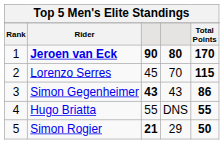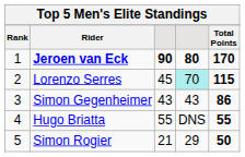 <table class="wikitable sortable">
 <tr>
 <th colspan=27 align="center"><strong>Top 5 Men's Elite Standings</strong></th>
 </tr>
 <tr>
 </tr>
 <tr style="font-size:8pt;font-weight:bold">
 <th align="center">Rank</th>
 <th align="center">Rider</th>
 <th class=unsortable style="background:#E5E4E2;"><small></small></th>
 <th class=unsortable style="background:#E5E4E2;"><small></small></th>
 <th align="center">Total<br>Points</th>
 </tr>
 <tr>
 <td align=center>1</td>
 <td> <strong><a href='#'>Jeroen van Eck</a></strong></td>
 <td align=center><strong>90</strong></td>
 <td align=center><strong>80</strong></td>
 <td align=center><strong>170</strong></td>
 </tr>
 <tr>
 <td align=center>2</td>
 <td> <a href='#'>Lorenzo Serres</a></td>
 <td align=center>45</td>
-<td align=center>70</td>
+<td align=center style="background: paleturquoise;">70</td>
 <td align=center><strong>115</strong></td>
 </tr>
 <tr>
 <td align=center>3</td>
 <td> <a href='#'>Simon Gegenheimer</a></td>
-<td align=center><strong>43</strong></td>
+<td align=center>43</td>
 <td align=center>43</td>
 <td align=center><strong>86</strong></td>
 </tr>
 <tr>
 <td align=center>4</td>
 <td> <a href='#'>Hugo Briatta</a></td>
 <td align=center>55</td>
 <td align=center>DNS</td>
 <td align=center><strong>55</strong></td>
 </tr>
 <tr>
 <td align=center>5</td>
 <td> <a href='#'>Simon Rogier</a></td>
-<td align=center><strong>21</strong></td>
+<td align=center>21</td>
 <td align=center>29</td>
 <td align=center><strong>50</strong><br></td>
 </tr>
 </table>
